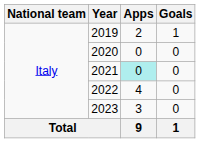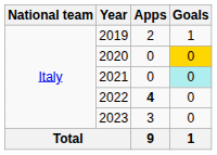 <table class="wikitable" style="text-align:center">
 <tr>
 <th>National team</th>
 <th>Year</th>
 <th>Apps</th>
 <th>Goals</th>
 </tr>
 <tr>
 <td rowspan="5"><a href='#'>Italy</a></td>
 <td>2019</td>
 <td>2</td>
 <td>1</td>
 </tr>
 <tr>
 <td>2020</td>
 <td>0</td>
-<td>0</td>
+<td style="background: gold;">0</td>
 </tr>
 <tr>
 <td>2021</td>
+<td>0</td>
 <td style="background: paleturquoise;">0</td>
-<td>0</td>
 </tr>
 <tr>
 <td>2022</td>
-<td>4</td>
+<td><strong>4</strong></td>
 <td>0</td>
 </tr>
 <tr>
 <td>2023</td>
 <td>3</td>
 <td>0</td>
 </tr>
 <tr>
 <th colspan="2">Total</th>
 <th>9</th>
 <th>1</th>
 </tr>
 </table>
